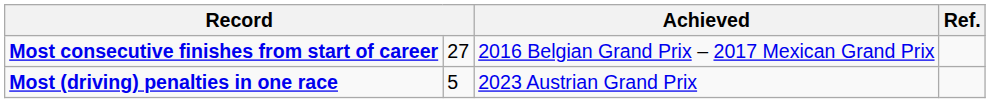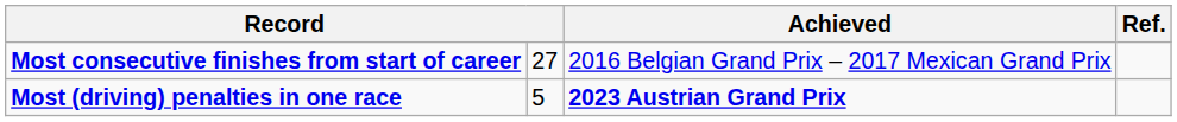 <table class="wikitable" style="font-size:95%;">
 <tr>
 <th colspan=2>Record</th>
 <th>Achieved</th>
 <th>Ref.</th>
 </tr>
 <tr>
 <td><strong><a href='#'>Most consecutive finishes from start of career</a></strong></td>
 <td>27</td>
 <td><a href='#'>2016 Belgian Grand Prix</a> – <a href='#'>2017 Mexican Grand Prix</a></td>
 <td></td>
 </tr>
 <tr>
 <td><strong><a href='#'>Most (driving) penalties in one race</a></strong></td>
 <td>5</td>
-<td><a href='#'>2023 Austrian Grand Prix</a></td>
+<td><strong><a href='#'>2023 Austrian Grand Prix</a></strong></td>
 <td></td>
 </tr>
 </table>
